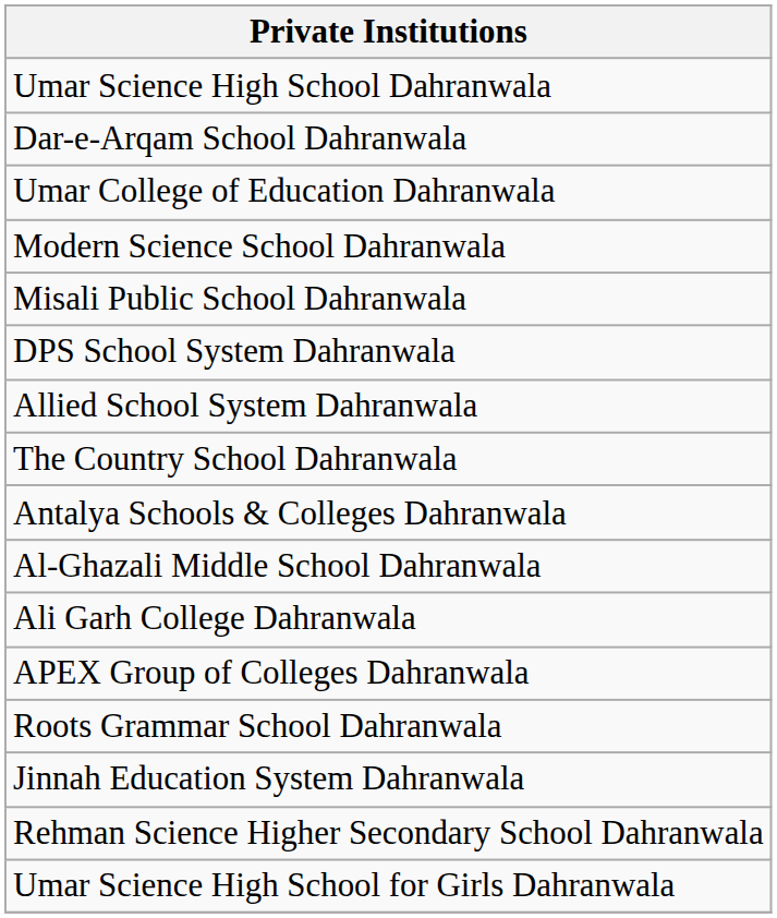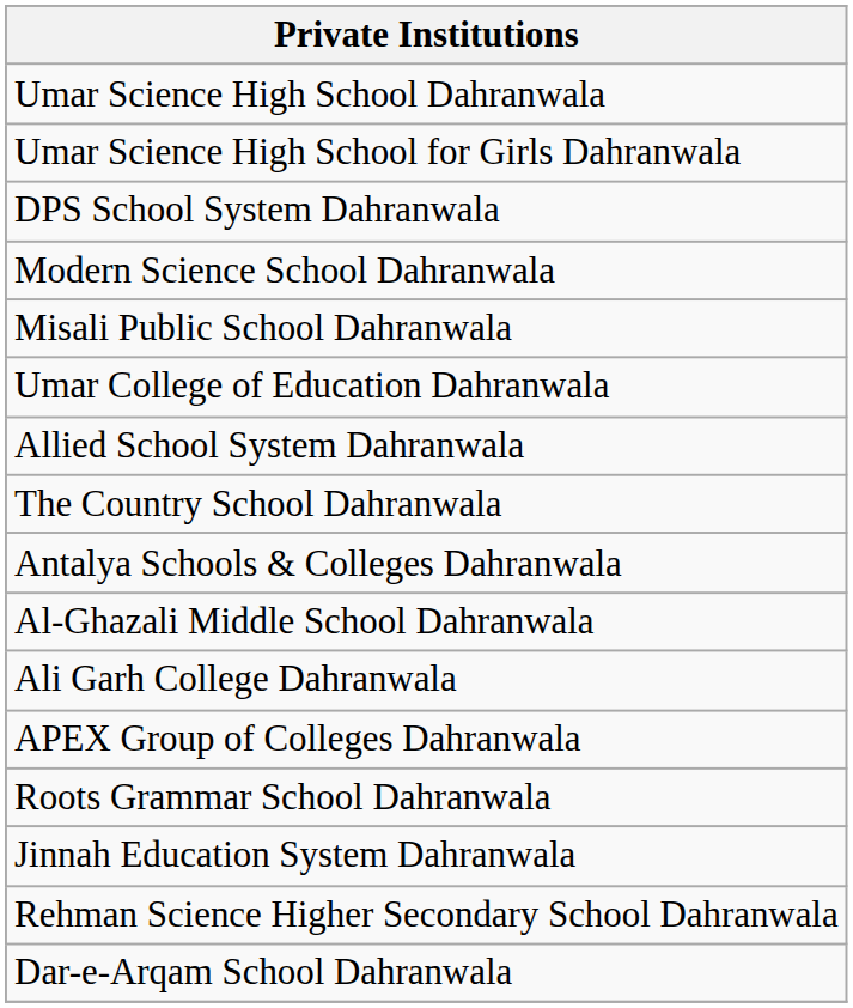 <table class="wikitable">
 <tr>
 <th>Private Institutions</th>
 </tr>
 <tr>
 <td>Umar Science High School Dahranwala</td>
 </tr>
 <tr>
-<td>Dar-e-Arqam School Dahranwala</td>
+<td>Umar Science High School for Girls Dahranwala</td>
 </tr>
 <tr>
-<td>Umar College of Education Dahranwala</td>
+<td>DPS School System Dahranwala</td>
 </tr>
 <tr>
 <td>Modern Science School Dahranwala</td>
 </tr>
 <tr>
 <td>Misali Public School Dahranwala</td>
 </tr>
 <tr>
-<td>DPS School System Dahranwala</td>
+<td>Umar College of Education Dahranwala</td>
 </tr>
 <tr>
 <td>Allied School System Dahranwala</td>
 </tr>
 <tr>
 <td>The Country School Dahranwala</td>
 </tr>
 <tr>
 <td>Antalya Schools & Colleges Dahranwala</td>
 </tr>
 <tr>
 <td>Al-Ghazali Middle School Dahranwala</td>
 </tr>
 <tr>
 <td>Ali Garh College Dahranwala</td>
 </tr>
 <tr>
 <td>APEX Group of Colleges Dahranwala</td>
 </tr>
 <tr>
 <td>Roots Grammar School Dahranwala</td>
 </tr>
 <tr>
 <td>Jinnah Education System Dahranwala</td>
 </tr>
 <tr>
 <td>Rehman Science Higher Secondary School Dahranwala</td>
 </tr>
 <tr>
-<td>Umar Science High School for Girls Dahranwala</td>
+<td>Dar-e-Arqam School Dahranwala</td>
 </tr>
 <tr>
 </tr>
 </table>
